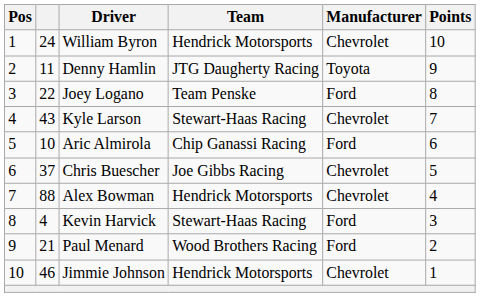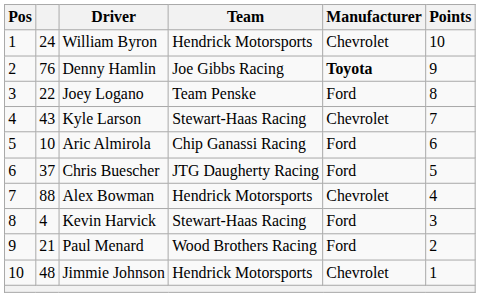 <table class="wikitable" style="font-size:98%">
 <tr>
 <th>Pos</th>
 <th></th>
 <th>Driver</th>
 <th>Team</th>
 <th>Manufacturer</th>
 <th>Points</th>
 </tr>
 <tr>
 <td>1</td>
 <td>24</td>
 <td>William Byron</td>
 <td>Hendrick Motorsports</td>
 <td>Chevrolet</td>
 <td>10</td>
 </tr>
 <tr>
 <td>2</td>
-<td>11</td>
+<td>76</td>
 <td>Denny Hamlin</td>
-<td>JTG Daugherty Racing</td>
-<td>Toyota</td>
+<td>Joe Gibbs Racing</td>
+<td><strong>Toyota</strong></td>
 <td>9</td>
 </tr>
 <tr>
 <td>3</td>
 <td>22</td>
 <td>Joey Logano</td>
 <td>Team Penske</td>
 <td>Ford</td>
 <td>8</td>
 </tr>
 <tr>
 <td>4</td>
 <td>43</td>
 <td>Kyle Larson</td>
 <td>Stewart-Haas Racing</td>
 <td>Chevrolet</td>
 <td>7</td>
 </tr>
 <tr>
 <td>5</td>
 <td>10</td>
 <td>Aric Almirola</td>
 <td>Chip Ganassi Racing</td>
 <td>Ford</td>
 <td>6</td>
 </tr>
 <tr>
 <td>6</td>
 <td>37</td>
 <td>Chris Buescher</td>
-<td>Joe Gibbs Racing</td>
-<td>Chevrolet</td>
+<td>JTG Daugherty Racing</td>
+<td>Ford</td>
 <td>5</td>
 </tr>
 <tr>
 <td>7</td>
 <td>88</td>
 <td>Alex Bowman</td>
 <td>Hendrick Motorsports</td>
 <td>Chevrolet</td>
 <td>4</td>
 </tr>
 <tr>
 <td>8</td>
 <td>4</td>
 <td>Kevin Harvick</td>
 <td>Stewart-Haas Racing</td>
 <td>Ford</td>
 <td>3</td>
 </tr>
 <tr>
 <td>9</td>
 <td>21</td>
 <td>Paul Menard</td>
 <td>Wood Brothers Racing</td>
 <td>Ford</td>
 <td>2</td>
 </tr>
 <tr>
 <td>10</td>
-<td>46</td>
+<td>48</td>
 <td>Jimmie Johnson</td>
 <td>Hendrick Motorsports</td>
 <td>Chevrolet</td>
 <td>1</td>
 </tr>
 <tr>
 <th colspan="6"></th>
 </tr>
 </table>
